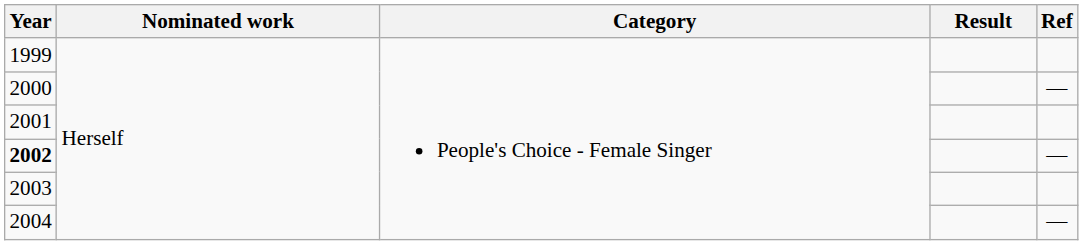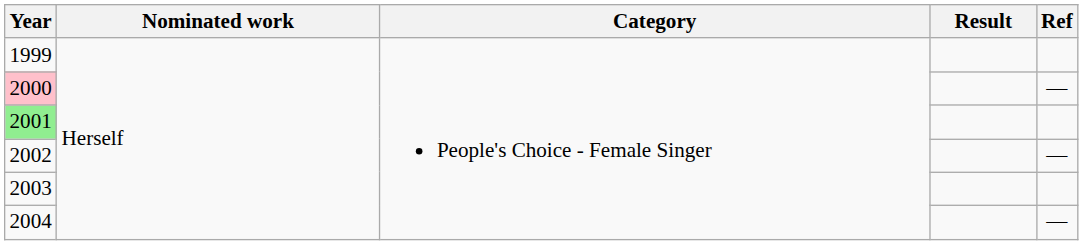 <table class="wikitable">
 <tr>
 <th style="width:10px;">Year</th>
 <th style="width:237px;">Nominated work</th>
 <th style="width:410px;">Category</th>
 <th style="width:73px;">Result</th>
 <th>Ref</th>
 </tr>
 <tr>
 <td>1999</td>
 <td rowspan=6>Herself</td>
 <td rowspan=6><br><ul><li>People's Choice - Female Singer</li></ul></td>
 <td></td>
 <td align=center></td>
 </tr>
 <tr>
-<td>2000</td>
+<td style="background: pink;">2000</td>
 <td></td>
 <td align=center>—</td>
 </tr>
 <tr>
-<td>2001</td>
+<td style="background: lightgreen;">2001</td>
 <td></td>
 <td align=center></td>
 </tr>
 <tr>
-<td><strong>2002</strong></td>
+<td>2002</td>
 <td></td>
 <td align=center>—</td>
 </tr>
 <tr>
 <td>2003</td>
 <td></td>
 <td align=center></td>
 </tr>
 <tr>
 <td>2004</td>
 <td></td>
 <td align=center>—</td>
 </tr>
 </table>
